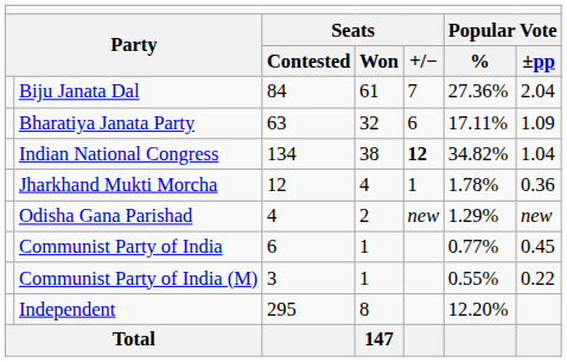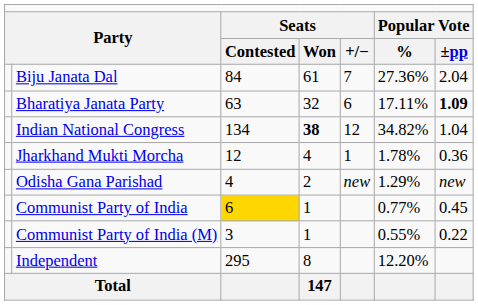 <table class="wikitable">
 <tr>
 <td colspan="7"></td>
 </tr>
 <tr>
 <th colspan="2" rowspan="2">Party</th>
 <th colspan="3">Seats</th>
 <th colspan="2">Popular Vote</th>
 </tr>
 <tr>
 <th>Contested</th>
 <th>Won</th>
 <th><strong>+/−</strong></th>
 <th>%</th>
 <th>±<a href='#'>pp</a></th>
 </tr>
 <tr>
 <td style="background-color: "></td>
 <td><a href='#'>Biju Janata Dal</a></td>
 <td>84</td>
 <td>61</td>
 <td>7</td>
 <td>27.36%</td>
 <td>2.04</td>
 </tr>
 <tr>
 <td style="background-color: "></td>
 <td><a href='#'>Bharatiya Janata Party</a></td>
 <td>63</td>
 <td>32</td>
 <td>6</td>
 <td>17.11%</td>
-<td>1.09</td>
+<td><strong>1.09</strong></td>
 </tr>
 <tr>
 <td style="background-color: "></td>
 <td><a href='#'>Indian National Congress</a></td>
 <td>134</td>
-<td>38</td>
-<td><strong>12</strong></td>
+<td><strong>38</strong></td>
+<td>12</td>
 <td>34.82%</td>
 <td>1.04</td>
 </tr>
 <tr>
 <td style="background-color: "></td>
 <td><a href='#'>Jharkhand Mukti Morcha</a></td>
 <td>12</td>
 <td>4</td>
 <td>1</td>
 <td>1.78%</td>
 <td>0.36</td>
 </tr>
 <tr>
 <td style="background-color: "></td>
 <td><a href='#'>Odisha Gana Parishad</a></td>
 <td>4</td>
 <td>2</td>
 <td><em>new</em></td>
 <td>1.29%</td>
 <td><em>new</em></td>
 </tr>
 <tr>
 <td style="background-color: "></td>
 <td><a href='#'>Communist Party of India</a></td>
-<td>6</td>
+<td style="background: gold;">6</td>
 <td>1</td>
 <td></td>
 <td>0.77%</td>
 <td>0.45</td>
 </tr>
 <tr>
 <td style="background-color: "></td>
 <td><a href='#'>Communist Party of India (M)</a></td>
 <td>3</td>
 <td>1</td>
 <td></td>
 <td>0.55%</td>
 <td>0.22</td>
 </tr>
 <tr>
 <td style="background-color: "></td>
 <td><a href='#'>Independent</a></td>
 <td>295</td>
 <td>8</td>
 <td></td>
 <td>12.20%</td>
 <td></td>
 </tr>
 <tr>
 <th colspan="2">Total</th>
 <th></th>
 <th>147</th>
 <th></th>
 <th></th>
 <th></th>
 </tr>
 </table>
